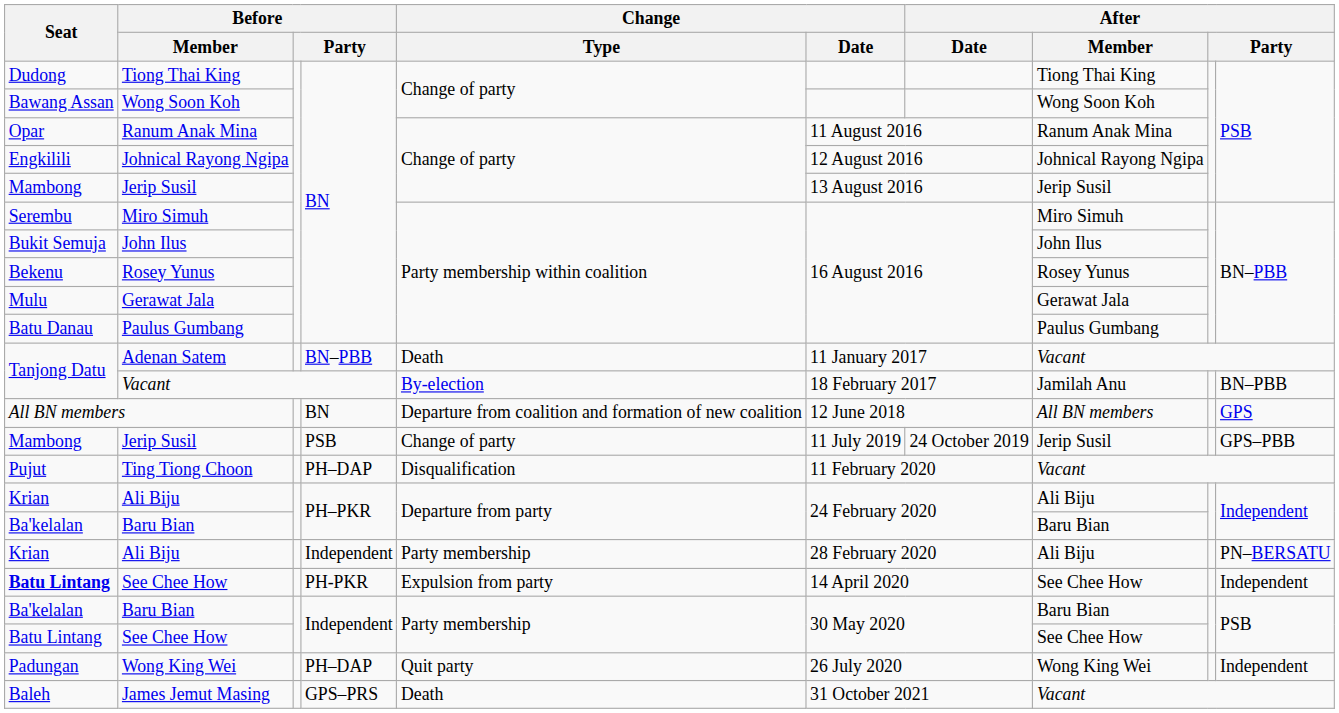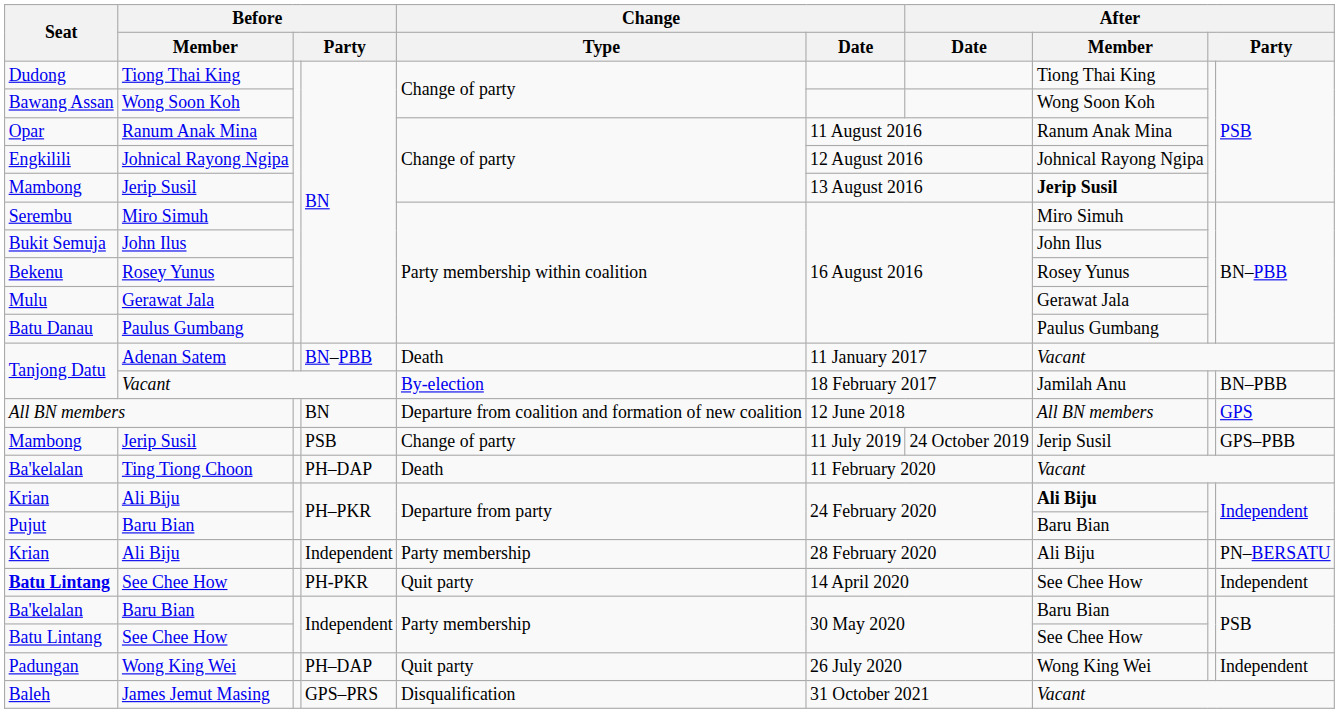 <table class="wikitable sortable mw-collapsible mw-collapsed" style="border: none;">
 <tr>
 <th rowspan="2">Seat</th>
 <th colspan="3">Before</th>
 <th colspan="2">Change</th>
 <th colspan="4">After</th>
 </tr>
 <tr>
 <th>Member</th>
 <th colspan="2">Party</th>
 <th>Type</th>
 <th>Date</th>
 <th>Date</th>
 <th>Member</th>
 <th colspan="2">Party</th>
 </tr>
 <tr>
 <td><a href='#'>Dudong</a></td>
 <td><a href='#'>Tiong Thai King</a></td>
 <td rowspan="10" style="background:"></td>
 <td rowspan="10"><a href='#'>BN</a></td>
 <td rowspan="2">Change of party</td>
 <td></td>
 <td></td>
 <td>Tiong Thai King</td>
 <td rowspan="5" style="background:"></td>
 <td rowspan="5"><a href='#'>PSB</a></td>
 </tr>
 <tr>
 <td><a href='#'>Bawang Assan</a></td>
 <td><a href='#'>Wong Soon Koh</a></td>
 <td></td>
 <td></td>
 <td>Wong Soon Koh</td>
 </tr>
 <tr>
 <td><a href='#'>Opar</a></td>
 <td><a href='#'>Ranum Anak Mina</a></td>
 <td rowspan="3">Change of party</td>
 <td colspan="2">11 August 2016</td>
 <td>Ranum Anak Mina</td>
 </tr>
 <tr>
 <td><a href='#'>Engkilili</a></td>
 <td><a href='#'>Johnical Rayong Ngipa</a></td>
 <td colspan="2">12 August 2016</td>
 <td>Johnical Rayong Ngipa</td>
 </tr>
 <tr>
 <td><a href='#'>Mambong</a></td>
 <td><a href='#'>Jerip Susil</a></td>
 <td colspan="2">13 August 2016</td>
-<td>Jerip Susil</td>
+<td><strong>Jerip Susil</strong></td>
 </tr>
 <tr>
 <td><a href='#'>Serembu</a></td>
 <td><a href='#'>Miro Simuh</a></td>
 <td rowspan="5">Party membership within coalition</td>
 <td colspan="2" rowspan="5">16 August 2016</td>
 <td>Miro Simuh</td>
 <td rowspan="5" style="background:"></td>
 <td rowspan="5">BN–<a href='#'>PBB</a></td>
 </tr>
 <tr>
 <td><a href='#'>Bukit Semuja</a></td>
 <td><a href='#'>John Ilus</a></td>
 <td>John Ilus</td>
 </tr>
 <tr>
 <td><a href='#'>Bekenu</a></td>
 <td><a href='#'>Rosey Yunus</a></td>
 <td>Rosey Yunus</td>
 </tr>
 <tr>
 <td><a href='#'>Mulu</a></td>
 <td><a href='#'>Gerawat Jala</a></td>
 <td>Gerawat Jala</td>
 </tr>
 <tr>
 <td><a href='#'>Batu Danau</a></td>
 <td><a href='#'>Paulus Gumbang</a></td>
 <td>Paulus Gumbang</td>
 </tr>
 <tr>
 <td rowspan="2"><a href='#'>Tanjong Datu</a></td>
 <td><a href='#'>Adenan Satem</a></td>
 <td style="background:"></td>
 <td><a href='#'>BN</a>–<a href='#'>PBB</a></td>
 <td>Death</td>
 <td colspan="2">11 January 2017</td>
 <td colspan="3"><em>Vacant</em></td>
 </tr>
 <tr>
 <td colspan="3"><em>Vacant</em></td>
 <td><a href='#'>By-election</a></td>
 <td colspan="2">18 February 2017</td>
 <td>Jamilah Anu</td>
 <td style="background:"></td>
 <td>BN–PBB</td>
 </tr>
 <tr>
 <td colspan="2"><em>All BN members</em></td>
 <td style="background:"></td>
 <td>BN</td>
 <td>Departure from coalition and formation of new coalition</td>
 <td colspan="2">12 June 2018</td>
 <td><em>All BN members</em></td>
 <td style="background:"></td>
 <td><a href='#'>GPS</a></td>
 </tr>
 <tr>
 <td><a href='#'>Mambong</a></td>
 <td><a href='#'>Jerip Susil</a></td>
 <td style="background:"></td>
 <td>PSB</td>
 <td>Change of party</td>
 <td>11 July 2019</td>
 <td>24 October 2019</td>
 <td>Jerip Susil</td>
 <td style="background:"></td>
 <td>GPS–PBB</td>
 </tr>
 <tr>
-<td><a href='#'>Pujut</a></td>
+<td><a href='#'>Ba'kelalan</a></td>
 <td><a href='#'>Ting Tiong Choon</a></td>
 <td style="background:"></td>
 <td>PH–DAP</td>
-<td>Disqualification</td>
+<td>Death</td>
 <td colspan="2">11 February 2020</td>
 <td colspan="3"><em>Vacant</em></td>
 </tr>
 <tr>
 <td><a href='#'>Krian</a></td>
 <td><a href='#'>Ali Biju</a></td>
 <td rowspan="2" style="background:"></td>
 <td rowspan="2">PH–PKR</td>
 <td rowspan="2">Departure from party</td>
 <td rowspan="2" colspan="2">24 February 2020</td>
-<td>Ali Biju</td>
+<td><strong>Ali Biju</strong></td>
 <td rowspan="2" style="background:"></td>
 <td rowspan="2"><a href='#'>Independent</a></td>
 </tr>
 <tr>
-<td><a href='#'>Ba'kelalan</a></td>
+<td><a href='#'>Pujut</a></td>
 <td><a href='#'>Baru Bian</a></td>
 <td>Baru Bian</td>
 </tr>
 <tr>
 <td><a href='#'>Krian</a></td>
 <td><a href='#'>Ali Biju</a></td>
 <td style="background:"></td>
 <td>Independent</td>
 <td>Party membership</td>
 <td colspan="2">28 February 2020</td>
 <td>Ali Biju</td>
 <td style="background:"></td>
 <td>PN–<a href='#'>BERSATU</a></td>
 </tr>
 <tr>
 <td><strong><a href='#'>Batu Lintang</a></strong></td>
 <td><a href='#'>See Chee How</a></td>
 <td style="background:"></td>
 <td>PH-PKR</td>
-<td>Expulsion from party</td>
+<td>Quit party</td>
 <td colspan="2">14 April 2020</td>
 <td>See Chee How</td>
 <td style="background:"></td>
 <td>Independent</td>
 </tr>
 <tr>
 <td><a href='#'>Ba'kelalan</a></td>
 <td><a href='#'>Baru Bian</a></td>
 <td rowspan="2" style="background:"></td>
 <td rowspan="2">Independent</td>
 <td rowspan="2">Party membership</td>
 <td rowspan="2" colspan="2">30 May 2020</td>
 <td>Baru Bian</td>
 <td rowspan="2" style="background:"></td>
 <td rowspan="2">PSB</td>
 </tr>
 <tr>
 <td><a href='#'>Batu Lintang</a></td>
 <td><a href='#'>See Chee How</a></td>
 <td>See Chee How</td>
 </tr>
 <tr>
 <td><a href='#'>Padungan</a></td>
 <td><a href='#'>Wong King Wei</a></td>
 <td style="background:"></td>
 <td>PH–DAP</td>
 <td>Quit party</td>
 <td colspan="2">26 July 2020</td>
 <td>Wong King Wei</td>
 <td style="background:"></td>
 <td>Independent</td>
 </tr>
 <tr>
 <td><a href='#'>Baleh</a></td>
 <td><a href='#'>James Jemut Masing</a></td>
 <td style="background:"></td>
 <td>GPS–PRS</td>
-<td>Death</td>
+<td>Disqualification</td>
 <td colspan="2">31 October 2021</td>
 <td colspan="3"><em>Vacant</em></td>
 </tr>
 <tr>
 </tr>
 </table>
